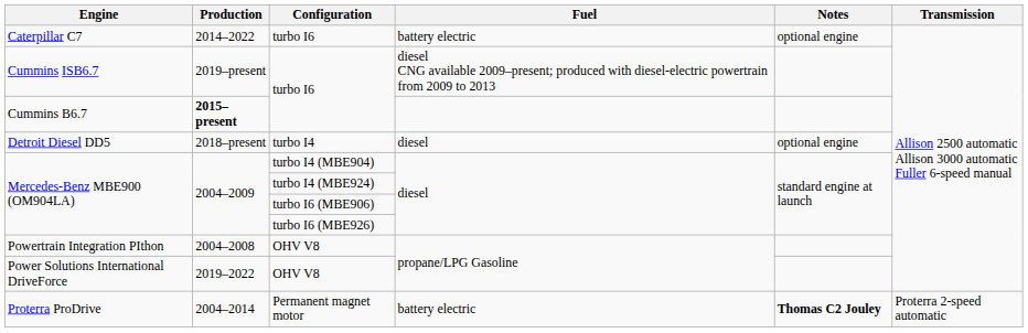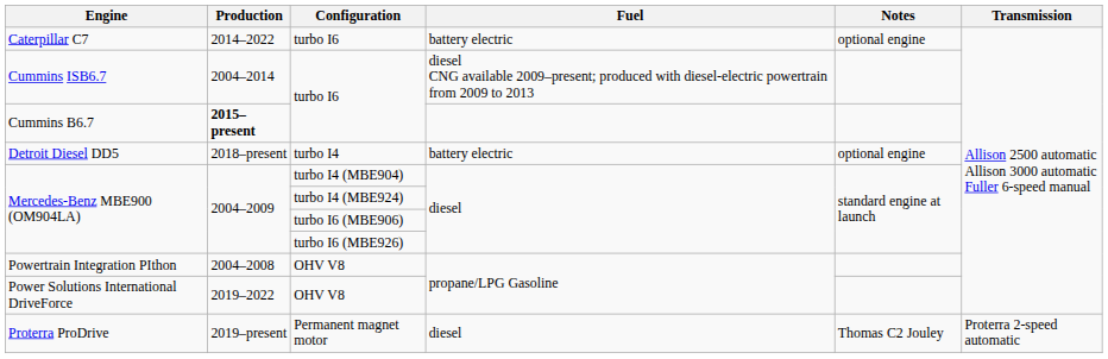 <table class="wikitable">
 <tr>
 <th>Engine</th>
 <th>Production</th>
 <th>Configuration</th>
 <th>Fuel</th>
 <th>Notes</th>
 <th>Transmission</th>
 </tr>
 <tr>
 <td><a href='#'>Caterpillar</a> C7</td>
 <td>2014–2022</td>
 <td> turbo I6</td>
 <td>battery electric</td>
 <td>optional engine</td>
 <td rowspan="10"><a href='#'>Allison</a> 2500 automatic<br>Allison 3000 automatic<br><a href='#'>Fuller</a> 6-speed manual</td>
 </tr>
 <tr>
 <td><a href='#'>Cummins</a> <a href='#'>ISB6.7</a></td>
-<td>2019–present</td>
+<td>2004–2014</td>
 <td rowspan="2"> turbo I6</td>
 <td>diesel<br>CNG available 2009–present; produced with diesel-electric powertrain from 2009 to 2013</td>
 </tr>
 <tr>
 <td>Cummins B6.7</td>
 <td><strong>2015–present</strong></td>
 <td></td>
 <td></td>
 </tr>
 <tr>
 <td><a href='#'>Detroit Diesel</a> DD5</td>
 <td>2018–present</td>
 <td> turbo I4</td>
-<td>diesel</td>
+<td>battery electric</td>
 <td>optional engine</td>
 </tr>
 <tr>
 <td rowspan=4><a href='#'>Mercedes-Benz</a> MBE900 (OM904LA)</td>
 <td rowspan="4">2004–2009</td>
 <td> turbo I4 (MBE904)</td>
 <td rowspan=4>diesel</td>
 <td rowspan=4>standard engine at launch</td>
 </tr>
 <tr>
 <td> turbo I4 (MBE924)</td>
 </tr>
 <tr>
 <td> turbo I6 (MBE906)</td>
 </tr>
 <tr>
 <td> turbo I6 (MBE926)</td>
 </tr>
 <tr>
 <td>Powertrain Integration PIthon</td>
 <td>2004–2008</td>
 <td> OHV V8</td>
 <td rowspan=2>propane/LPG Gasoline</td>
 <td></td>
 </tr>
 <tr>
 <td>Power Solutions International DriveForce</td>
 <td>2019–2022</td>
 <td> OHV V8</td>
 <td></td>
 </tr>
 <tr>
 <td><a href='#'>Proterra</a> ProDrive</td>
-<td>2004–2014</td>
+<td>2019–present</td>
 <td>Permanent magnet motor</td>
-<td>battery electric</td>
-<td><strong>Thomas C2 Jouley</strong></td>
+<td>diesel</td>
+<td>Thomas C2 Jouley</td>
 <td>Proterra 2-speed automatic</td>
 </tr>
 </table>
